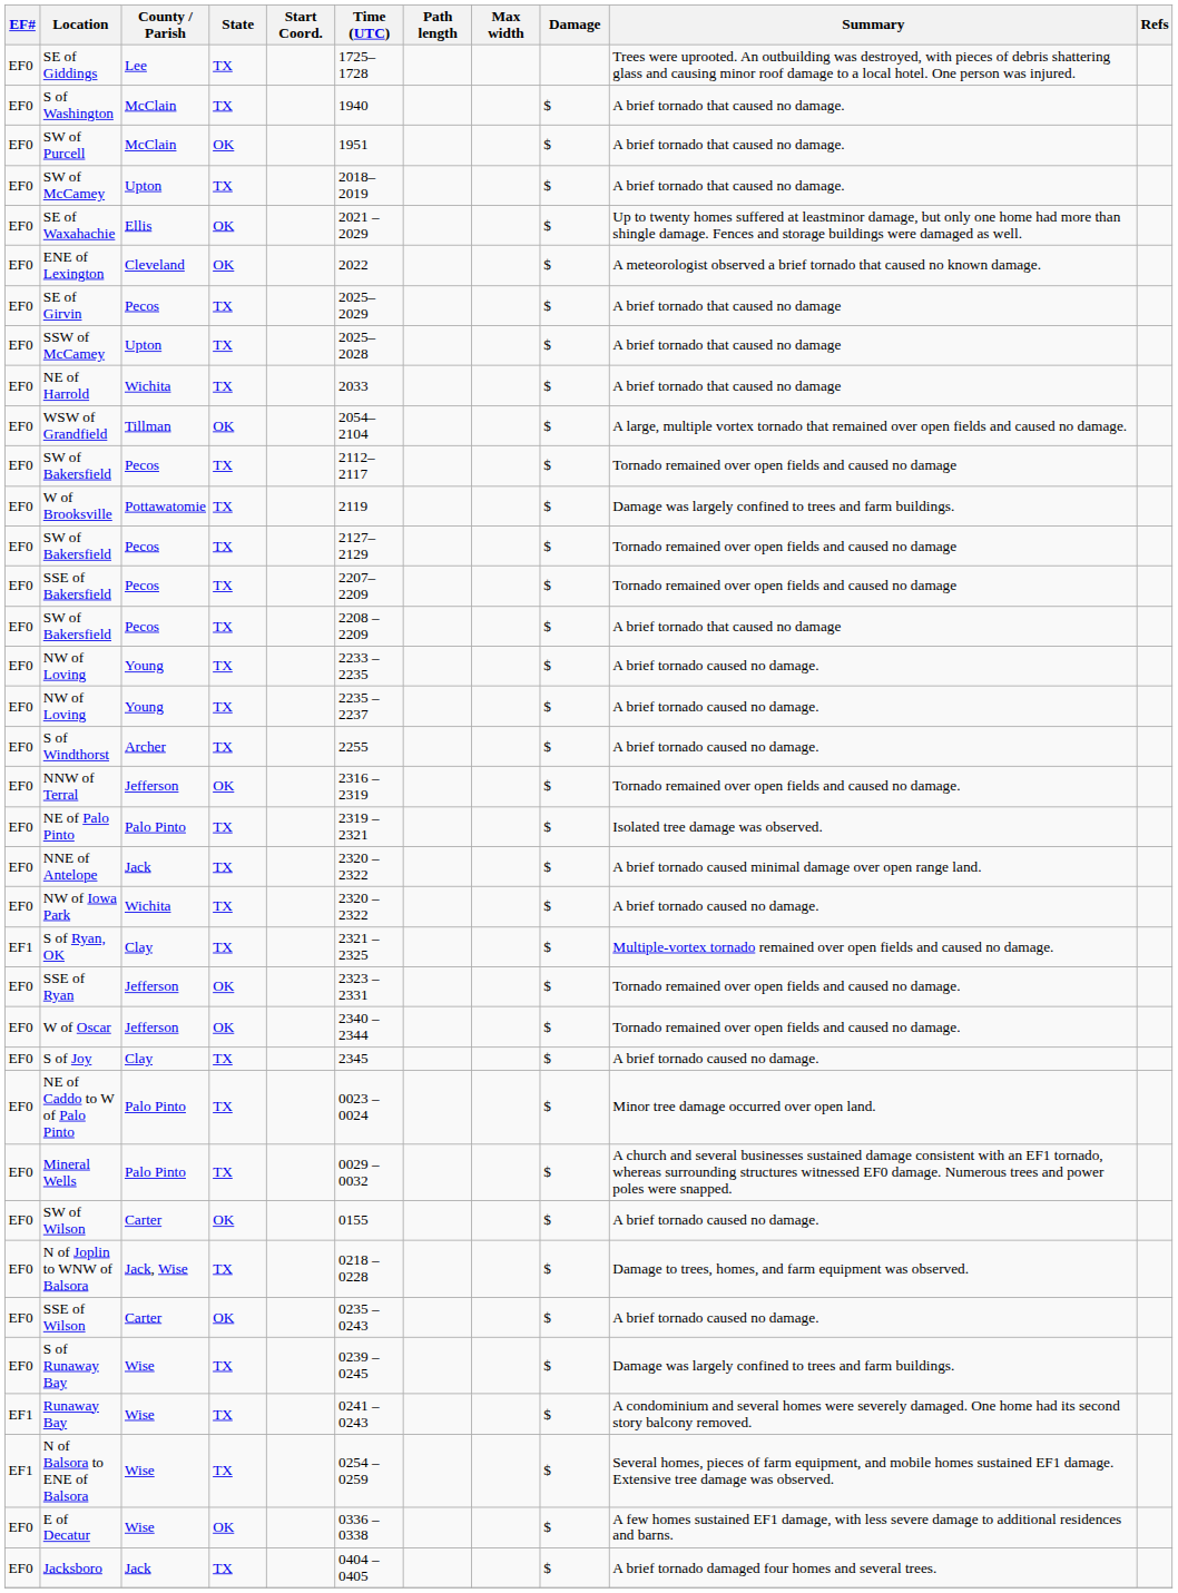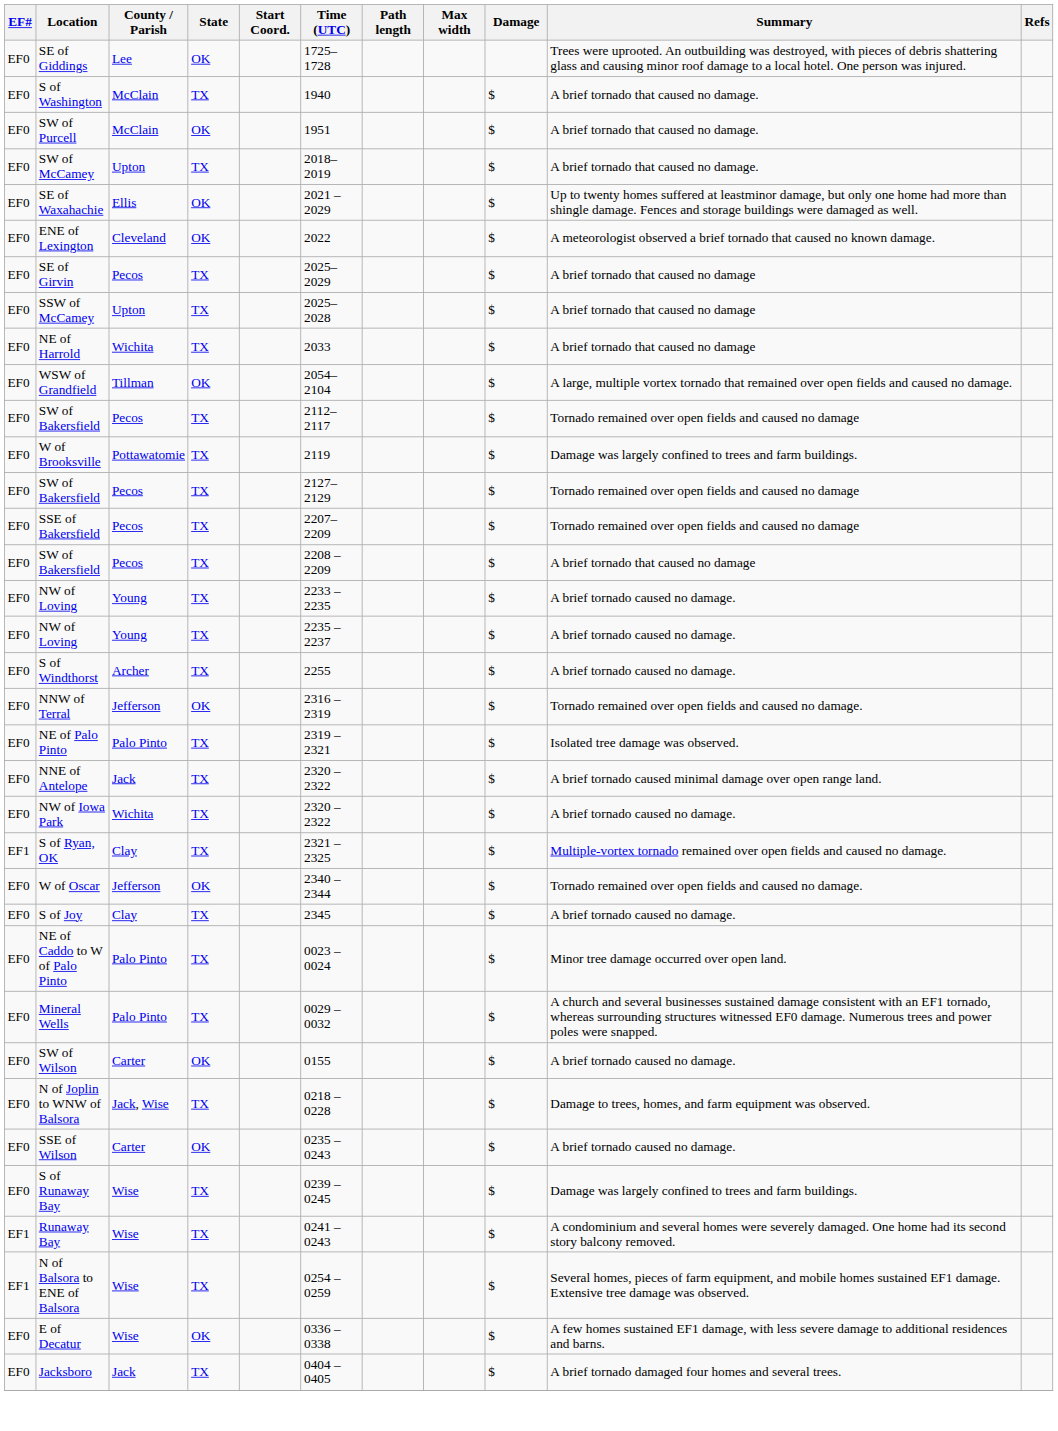 <table class="wikitable sortable" style="width:100%;">
 <tr>
 <th scope="col" width="3%" align="center"><a href='#'>EF#</a></th>
 <th scope="col" width="7%" align="center" class="unsortable">Location</th>
 <th scope="col" width="6%" align="center" class="unsortable">County / Parish</th>
 <th scope="col" width="5%" align="center">State</th>
 <th scope="col" width="6%" align="center">Start Coord.</th>
 <th scope="col" width="6%" align="center">Time (<a href='#'>UTC</a>)</th>
 <th scope="col" width="6%" align="center">Path length</th>
 <th scope="col" width="6%" align="center">Max width</th>
 <th scope="col" width="6%" align="center">Damage</th>
 <th scope="col" width="48%" class="unsortable" align="center">Summary</th>
 <th scope="col" width="48%" class="unsortable" align="center">Refs</th>
 </tr>
 <tr>
 <td>EF0</td>
 <td>SE of <a href='#'>Giddings</a></td>
 <td><a href='#'>Lee</a></td>
-<td><a href='#'>TX</a></td>
+<td><a href='#'>OK</a></td>
 <td></td>
 <td>1725–1728</td>
 <td></td>
 <td></td>
 <td></td>
 <td>Trees were uprooted. An outbuilding was destroyed, with pieces of debris shattering glass and causing minor roof damage to a local hotel. One person was injured.</td>
 <td></td>
 </tr>
 <tr>
 <td>EF0</td>
 <td>S of <a href='#'>Washington</a></td>
 <td><a href='#'>McClain</a></td>
 <td><a href='#'>TX</a></td>
 <td></td>
 <td>1940</td>
 <td></td>
 <td></td>
 <td>$</td>
 <td>A brief tornado that caused no damage.</td>
 <td></td>
 </tr>
 <tr>
 <td>EF0</td>
 <td>SW of <a href='#'>Purcell</a></td>
 <td><a href='#'>McClain</a></td>
 <td><a href='#'>OK</a></td>
 <td></td>
 <td>1951</td>
 <td></td>
 <td></td>
 <td>$</td>
 <td>A brief tornado that caused no damage.</td>
 <td></td>
 </tr>
 <tr>
 <td>EF0</td>
 <td>SW of <a href='#'>McCamey</a></td>
 <td><a href='#'>Upton</a></td>
 <td><a href='#'>TX</a></td>
 <td></td>
 <td>2018–2019</td>
 <td></td>
 <td></td>
 <td>$</td>
 <td>A brief tornado that caused no damage.</td>
 <td></td>
 </tr>
 <tr>
 <td>EF0</td>
 <td>SE of <a href='#'>Waxahachie</a></td>
 <td><a href='#'>Ellis</a></td>
 <td><a href='#'>OK</a></td>
 <td></td>
 <td>2021 – 2029</td>
 <td></td>
 <td></td>
 <td>$</td>
 <td>Up to twenty homes suffered at leastminor damage, but only one home had more than shingle damage. Fences and storage buildings were damaged as well.</td>
 <td></td>
 </tr>
 <tr>
 <td>EF0</td>
 <td>ENE of <a href='#'>Lexington</a></td>
 <td><a href='#'>Cleveland</a></td>
 <td><a href='#'>OK</a></td>
 <td></td>
 <td>2022</td>
 <td></td>
 <td></td>
 <td>$</td>
 <td>A meteorologist observed a brief tornado that caused no known damage.</td>
 <td></td>
 </tr>
 <tr>
 <td>EF0</td>
 <td>SE of <a href='#'>Girvin</a></td>
 <td><a href='#'>Pecos</a></td>
 <td><a href='#'>TX</a></td>
 <td></td>
 <td>2025–2029</td>
 <td></td>
 <td></td>
 <td>$</td>
 <td>A brief tornado that caused no damage</td>
 <td></td>
 </tr>
 <tr>
 <td>EF0</td>
 <td>SSW of <a href='#'>McCamey</a></td>
 <td><a href='#'>Upton</a></td>
 <td><a href='#'>TX</a></td>
 <td></td>
 <td>2025–2028</td>
 <td></td>
 <td></td>
 <td>$</td>
 <td>A brief tornado that caused no damage</td>
 <td></td>
 </tr>
 <tr>
 <td>EF0</td>
 <td>NE of <a href='#'>Harrold</a></td>
 <td><a href='#'>Wichita</a></td>
 <td><a href='#'>TX</a></td>
 <td></td>
 <td>2033</td>
 <td></td>
 <td></td>
 <td>$</td>
 <td>A brief tornado that caused no damage</td>
 <td></td>
 </tr>
 <tr>
 <td>EF0</td>
 <td>WSW of <a href='#'>Grandfield</a></td>
 <td><a href='#'>Tillman</a></td>
 <td><a href='#'>OK</a></td>
 <td></td>
 <td>2054–2104</td>
 <td></td>
 <td></td>
 <td>$</td>
 <td>A large, multiple vortex tornado that remained over open fields and caused no damage.</td>
 <td></td>
 </tr>
 <tr>
 <td>EF0</td>
 <td>SW of <a href='#'>Bakersfield</a></td>
 <td><a href='#'>Pecos</a></td>
 <td><a href='#'>TX</a></td>
 <td></td>
 <td>2112–2117</td>
 <td></td>
 <td></td>
 <td>$</td>
 <td>Tornado remained over open fields and caused no damage</td>
 <td></td>
 </tr>
 <tr>
 <td>EF0</td>
 <td>W of <a href='#'>Brooksville</a></td>
 <td><a href='#'>Pottawatomie</a></td>
 <td><a href='#'>TX</a></td>
 <td></td>
 <td>2119</td>
 <td></td>
 <td></td>
 <td>$</td>
 <td>Damage was largely confined to trees and farm buildings.</td>
 <td></td>
 </tr>
 <tr>
 <td>EF0</td>
 <td>SW of <a href='#'>Bakersfield</a></td>
 <td><a href='#'>Pecos</a></td>
 <td><a href='#'>TX</a></td>
 <td></td>
 <td>2127–2129</td>
 <td></td>
 <td></td>
 <td>$</td>
 <td>Tornado remained over open fields and caused no damage</td>
 <td></td>
 </tr>
 <tr>
 <td>EF0</td>
 <td>SSE of <a href='#'>Bakersfield</a></td>
 <td><a href='#'>Pecos</a></td>
 <td><a href='#'>TX</a></td>
 <td></td>
 <td>2207–2209</td>
 <td></td>
 <td></td>
 <td>$</td>
 <td>Tornado remained over open fields and caused no damage</td>
 <td></td>
 </tr>
 <tr>
 <td>EF0</td>
 <td>SW of <a href='#'>Bakersfield</a></td>
 <td><a href='#'>Pecos</a></td>
 <td><a href='#'>TX</a></td>
 <td></td>
 <td>2208 – 2209</td>
 <td></td>
 <td></td>
 <td>$</td>
 <td>A brief tornado that caused no damage</td>
 <td></td>
 </tr>
 <tr>
 <td>EF0</td>
 <td>NW of <a href='#'>Loving</a></td>
 <td><a href='#'>Young</a></td>
 <td><a href='#'>TX</a></td>
 <td></td>
 <td>2233 – 2235</td>
 <td></td>
 <td></td>
 <td>$</td>
 <td>A brief tornado caused no damage.</td>
 <td></td>
 </tr>
 <tr>
 <td>EF0</td>
 <td>NW of <a href='#'>Loving</a></td>
 <td><a href='#'>Young</a></td>
 <td><a href='#'>TX</a></td>
 <td></td>
 <td>2235 – 2237</td>
 <td></td>
 <td></td>
 <td>$</td>
 <td>A brief tornado caused no damage.</td>
 <td></td>
 </tr>
 <tr>
 <td>EF0</td>
 <td>S of <a href='#'>Windthorst</a></td>
 <td><a href='#'>Archer</a></td>
 <td><a href='#'>TX</a></td>
 <td></td>
 <td>2255</td>
 <td></td>
 <td></td>
 <td>$</td>
 <td>A brief tornado caused no damage.</td>
 <td></td>
 </tr>
 <tr>
 <td>EF0</td>
 <td>NNW of <a href='#'>Terral</a></td>
 <td><a href='#'>Jefferson</a></td>
 <td><a href='#'>OK</a></td>
 <td></td>
 <td>2316 – 2319</td>
 <td></td>
 <td></td>
 <td>$</td>
 <td>Tornado remained over open fields and caused no damage.</td>
 <td></td>
 </tr>
 <tr>
 <td>EF0</td>
 <td>NE of <a href='#'>Palo Pinto</a></td>
 <td><a href='#'>Palo Pinto</a></td>
 <td><a href='#'>TX</a></td>
 <td></td>
 <td>2319 – 2321</td>
 <td></td>
 <td></td>
 <td>$</td>
 <td>Isolated tree damage was observed.</td>
 <td></td>
 </tr>
 <tr>
 <td>EF0</td>
 <td>NNE of <a href='#'>Antelope</a></td>
 <td><a href='#'>Jack</a></td>
 <td><a href='#'>TX</a></td>
 <td></td>
 <td>2320 – 2322</td>
 <td></td>
 <td></td>
 <td>$</td>
 <td>A brief tornado caused minimal damage over open range land.</td>
 <td></td>
 </tr>
 <tr>
 <td>EF0</td>
 <td>NW of <a href='#'>Iowa Park</a></td>
 <td><a href='#'>Wichita</a></td>
 <td><a href='#'>TX</a></td>
 <td></td>
 <td>2320 – 2322</td>
 <td></td>
 <td></td>
 <td>$</td>
 <td>A brief tornado caused no damage.</td>
 <td></td>
 </tr>
 <tr>
 <td>EF1</td>
 <td>S of <a href='#'>Ryan, OK</a></td>
 <td><a href='#'>Clay</a></td>
 <td><a href='#'>TX</a></td>
 <td></td>
 <td>2321 – 2325</td>
 <td></td>
 <td></td>
 <td>$</td>
 <td><a href='#'>Multiple-vortex tornado</a> remained over open fields and caused no damage.</td>
 <td></td>
 </tr>
 <tr>
 <td>EF0</td>
-<td>SSE of <a href='#'>Ryan</a></td>
-<td><a href='#'>Jefferson</a></td>
-<td><a href='#'>OK</a></td>
-<td></td>
-<td>2323 – 2331</td>
-<td></td>
-<td></td>
-<td>$</td>
-<td>Tornado remained over open fields and caused no damage.</td>
-<td></td>
-</tr>
-<tr>
-<td>EF0</td>
 <td>W of <a href='#'>Oscar</a></td>
 <td><a href='#'>Jefferson</a></td>
 <td><a href='#'>OK</a></td>
 <td></td>
 <td>2340 – 2344</td>
 <td></td>
 <td></td>
 <td>$</td>
 <td>Tornado remained over open fields and caused no damage.</td>
 <td></td>
 </tr>
 <tr>
 <td>EF0</td>
 <td>S of <a href='#'>Joy</a></td>
 <td><a href='#'>Clay</a></td>
 <td><a href='#'>TX</a></td>
 <td></td>
 <td>2345</td>
 <td></td>
 <td></td>
 <td>$</td>
 <td>A brief tornado caused no damage.</td>
 <td></td>
 </tr>
 <tr>
 <td>EF0</td>
 <td>NE of <a href='#'>Caddo</a> to W of <a href='#'>Palo Pinto</a></td>
 <td><a href='#'>Palo Pinto</a></td>
 <td><a href='#'>TX</a></td>
 <td></td>
 <td>0023 – 0024</td>
 <td></td>
 <td></td>
 <td>$</td>
 <td>Minor tree damage occurred over open land.</td>
 <td></td>
 </tr>
 <tr>
 <td>EF0</td>
 <td><a href='#'>Mineral Wells</a></td>
 <td><a href='#'>Palo Pinto</a></td>
 <td><a href='#'>TX</a></td>
 <td></td>
 <td>0029 – 0032</td>
 <td></td>
 <td></td>
 <td>$</td>
 <td>A church and several businesses sustained damage consistent with an EF1 tornado, whereas surrounding structures witnessed EF0 damage. Numerous trees and power poles were snapped.</td>
 <td></td>
 </tr>
 <tr>
 <td>EF0</td>
 <td>SW of <a href='#'>Wilson</a></td>
 <td><a href='#'>Carter</a></td>
 <td><a href='#'>OK</a></td>
 <td></td>
 <td>0155</td>
 <td></td>
 <td></td>
 <td>$</td>
 <td>A brief tornado caused no damage.</td>
 <td></td>
 </tr>
 <tr>
 <td>EF0</td>
 <td>N of <a href='#'>Joplin</a> to WNW of <a href='#'>Balsora</a></td>
 <td><a href='#'>Jack</a>, <a href='#'>Wise</a></td>
 <td><a href='#'>TX</a></td>
 <td></td>
 <td>0218 – 0228</td>
 <td></td>
 <td></td>
 <td>$</td>
 <td>Damage to trees, homes, and farm equipment was observed.</td>
 <td></td>
 </tr>
 <tr>
 <td>EF0</td>
 <td>SSE of <a href='#'>Wilson</a></td>
 <td><a href='#'>Carter</a></td>
 <td><a href='#'>OK</a></td>
 <td></td>
 <td>0235 – 0243</td>
 <td></td>
 <td></td>
 <td>$</td>
 <td>A brief tornado caused no damage.</td>
 <td></td>
 </tr>
 <tr>
 <td>EF0</td>
 <td>S of <a href='#'>Runaway Bay</a></td>
 <td><a href='#'>Wise</a></td>
 <td><a href='#'>TX</a></td>
 <td></td>
 <td>0239 – 0245</td>
 <td></td>
 <td></td>
 <td>$</td>
 <td>Damage was largely confined to trees and farm buildings.</td>
 <td></td>
 </tr>
 <tr>
 <td>EF1</td>
 <td><a href='#'>Runaway Bay</a></td>
 <td><a href='#'>Wise</a></td>
 <td><a href='#'>TX</a></td>
 <td></td>
 <td>0241 – 0243</td>
 <td></td>
 <td></td>
 <td>$</td>
 <td>A condominium and several homes were severely damaged. One home had its second story balcony removed.</td>
 <td></td>
 </tr>
 <tr>
 <td>EF1</td>
 <td>N of <a href='#'>Balsora</a> to ENE of <a href='#'>Balsora</a></td>
 <td><a href='#'>Wise</a></td>
 <td><a href='#'>TX</a></td>
 <td></td>
 <td>0254 – 0259</td>
 <td></td>
 <td></td>
 <td>$</td>
 <td>Several homes, pieces of farm equipment, and mobile homes sustained EF1 damage. Extensive tree damage was observed.</td>
 <td></td>
 </tr>
 <tr>
 <td>EF0</td>
 <td>E of <a href='#'>Decatur</a></td>
 <td><a href='#'>Wise</a></td>
 <td><a href='#'>OK</a></td>
 <td></td>
 <td>0336 – 0338</td>
 <td></td>
 <td></td>
 <td>$</td>
 <td>A few homes sustained EF1 damage, with less severe damage to additional residences and barns.</td>
 <td></td>
 </tr>
 <tr>
 <td>EF0</td>
 <td><a href='#'>Jacksboro</a></td>
 <td><a href='#'>Jack</a></td>
 <td><a href='#'>TX</a></td>
 <td></td>
 <td>0404 – 0405</td>
 <td></td>
 <td></td>
 <td>$</td>
 <td>A brief tornado damaged four homes and several trees.</td>
 <td></td>
 </tr>
 <tr>
 </tr>
 </table>
